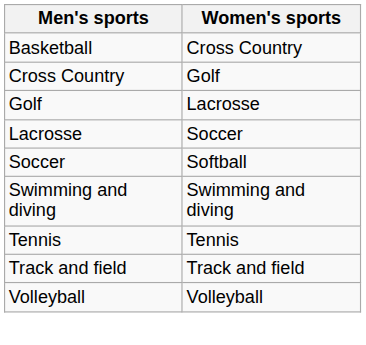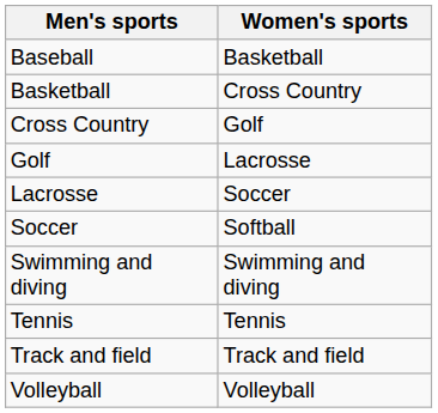 <table class="wikitable"; style= "text-align: ">
 <tr>
 <th width=150px>Men's sports</th>
 <th width=150px>Women's sports</th>
+</tr>
+<tr>
+<td>Baseball</td>
+<td>Basketball</td>
 </tr>
 <tr>
 <td>Basketball</td>
 <td>Cross Country</td>
 </tr>
 <tr>
 <td>Cross Country</td>
 <td>Golf</td>
 </tr>
 <tr>
 <td>Golf</td>
 <td>Lacrosse</td>
 </tr>
 <tr>
 <td>Lacrosse</td>
 <td>Soccer</td>
 </tr>
 <tr>
 <td>Soccer</td>
 <td>Softball</td>
 </tr>
 <tr>
 <td>Swimming and diving</td>
 <td>Swimming and diving</td>
 </tr>
 <tr>
 <td>Tennis</td>
 <td>Tennis</td>
 </tr>
 <tr>
 <td>Track and field</td>
 <td>Track and field</td>
 </tr>
 <tr>
 <td>Volleyball</td>
 <td>Volleyball</td>
 </tr>
 </table>
